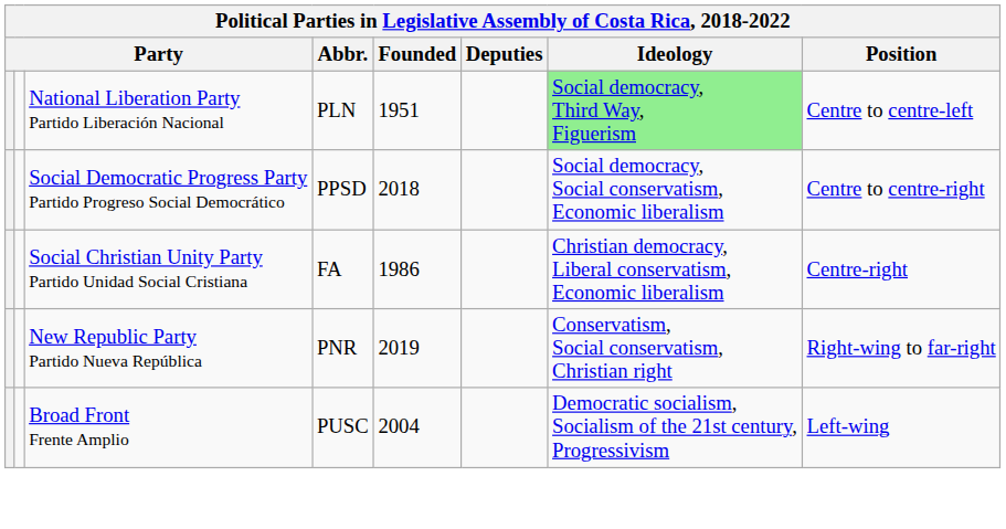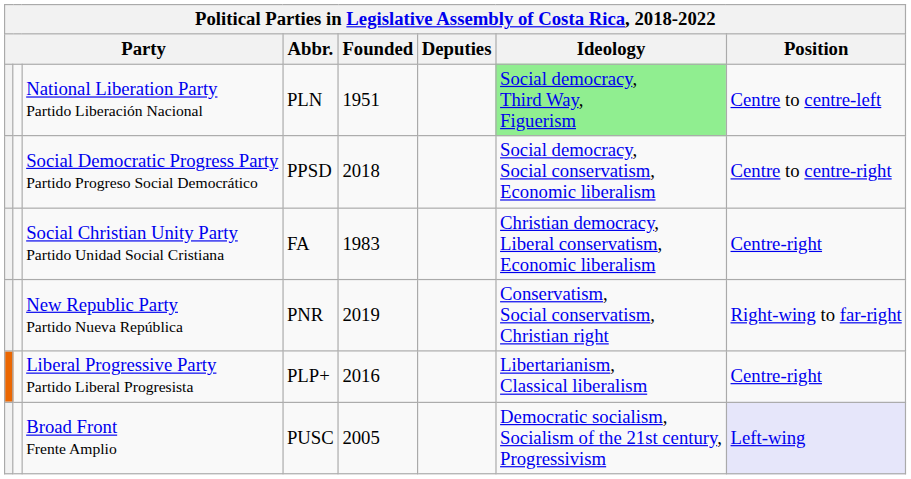 <table border="1" class="wikitable sortable collapsible ">
 <tr>
 <th colspan="8"><strong>Political Parties in <a href='#'>Legislative Assembly of Costa Rica</a>, 2018-2022</strong></th>
 </tr>
 <tr>
 <th colspan=3>Party</th>
 <th scope="col">Abbr.</th>
 <th>Founded</th>
 <th scope="col">Deputies</th>
 <th scope="col">Ideology</th>
 <th scope="col">Position</th>
 </tr>
 <tr>
 <th style="background-color: "></th>
 <td></td>
 <td><a href='#'>National Liberation Party</a><br><small>Partido Liberación Nacional</small></td>
 <td>PLN</td>
 <td>1951</td>
 <td></td>
 <td style="background: lightgreen;"><a href='#'>Social democracy</a>,<br> <a href='#'>Third Way</a>, <br><a href='#'>Figuerism</a></td>
 <td><a href='#'>Centre</a> to <a href='#'>centre-left</a></td>
 </tr>
 <tr>
 <th style="background-color: "></th>
 <td></td>
 <td><a href='#'>Social Democratic Progress Party</a><br><small>Partido Progreso Social Democrático</small></td>
 <td>PPSD</td>
 <td>2018</td>
 <td></td>
 <td><a href='#'>Social democracy</a>,<br> <a href='#'>Social conservatism</a>,<br> <a href='#'>Economic liberalism</a></td>
 <td><a href='#'>Centre</a> to <a href='#'>centre-right</a></td>
 </tr>
 <tr>
 <th style="background-color: "></th>
 <td></td>
 <td><a href='#'>Social Christian Unity Party</a><br><small>Partido Unidad Social Cristiana</small></td>
 <td>FA</td>
-<td>1986</td>
+<td>1983</td>
 <td></td>
 <td><a href='#'>Christian democracy</a>,<br> <a href='#'>Liberal conservatism</a>,<br> <a href='#'>Economic liberalism</a></td>
 <td><a href='#'>Centre-right</a></td>
 </tr>
 <tr>
 <th style="background-color: "></th>
 <td></td>
 <td><a href='#'>New Republic Party</a> <br><small>Partido Nueva República</small></td>
 <td>PNR</td>
 <td>2019</td>
 <td></td>
 <td><a href='#'>Conservatism</a>, <br><a href='#'>Social conservatism</a>, <br><a href='#'>Christian right</a></td>
 <td><a href='#'>Right-wing</a> to <a href='#'>far-right</a></td>
 </tr>
 <tr>
+<th style="background-color:#EB6702"></th>
+<td></td>
+<td><a href='#'>Liberal Progressive Party</a><br><small>Partido Liberal Progresista</small></td>
+<td>PLP+</td>
+<td>2016</td>
+<td></td>
+<td><a href='#'>Libertarianism</a>, <br><a href='#'>Classical liberalism</a></td>
+<td><a href='#'>Centre-right</a></td>
+</tr>
+<tr>
 <th style="background-color: "></th>
 <td></td>
 <td><a href='#'>Broad Front</a><br><small>Frente Amplio</small></td>
 <td>PUSC</td>
-<td>2004</td>
+<td>2005</td>
 <td></td>
 <td><a href='#'>Democratic socialism</a>, <br> <a href='#'>Socialism of the 21st century</a>, <br> <a href='#'>Progressivism</a></td>
-<td><a href='#'>Left-wing</a></td>
+<td style="background: lavender;"><a href='#'>Left-wing</a></td>
 </tr>
 </table>
